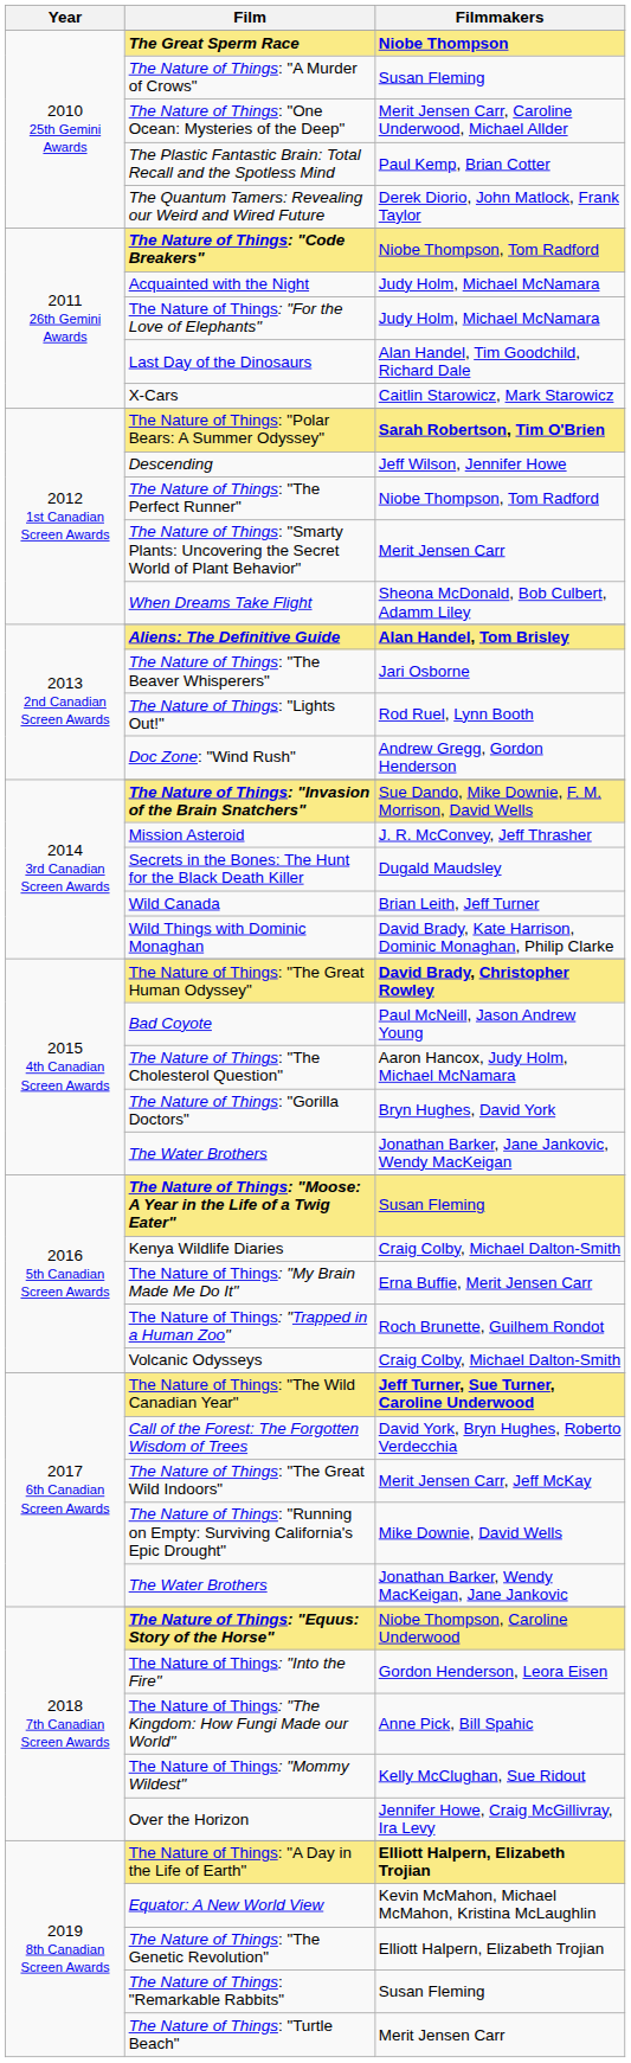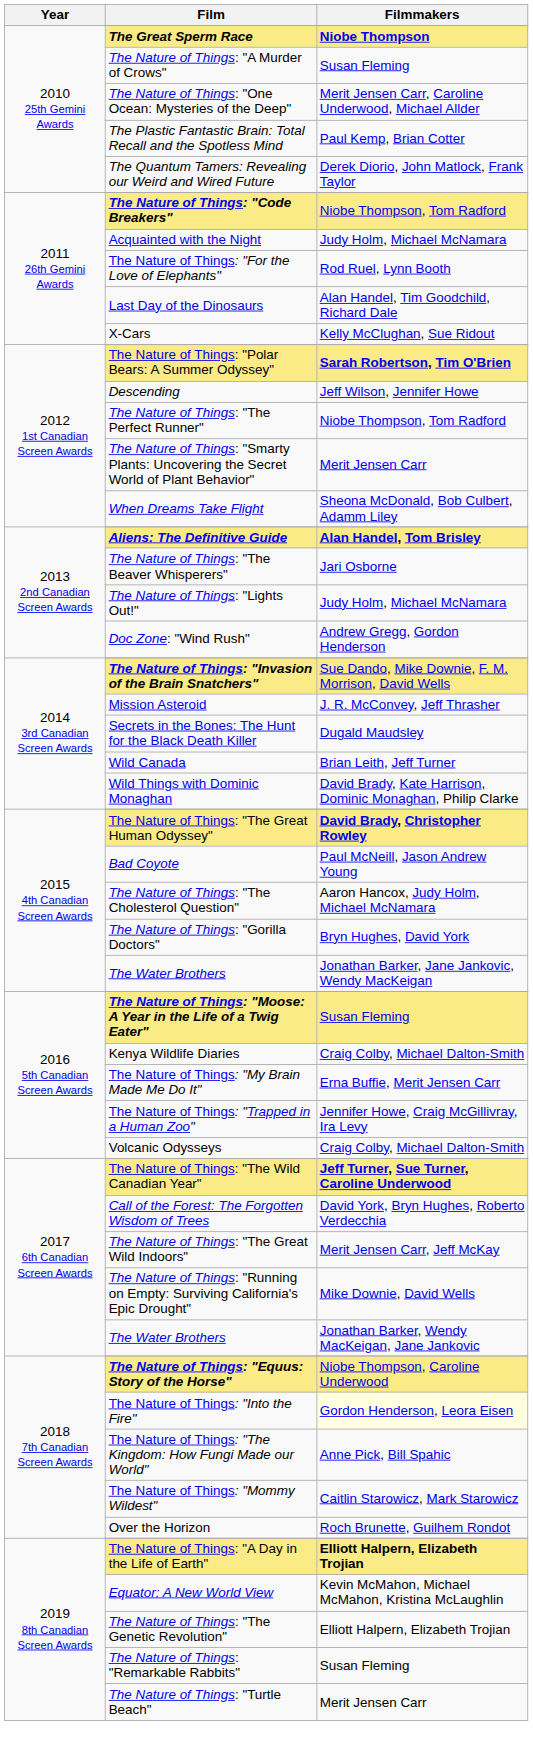 <table class="wikitable" style="width:100%;">
 <tr style="background:#bebebe;">
 <th style="width:8%;">Year</th>
 <th style="width:19%;">Film</th>
 <th style="width:19%;">Filmmakers</th>
 </tr>
 <tr>
 <td rowspan="6" align="center">2010 <br> <small><a href='#'>25th Gemini Awards</a></small></td>
 </tr>
 <tr style="background:#FAEB86;">
 <td><strong><em>The Great Sperm Race</em></strong></td>
 <td><strong><a href='#'>Niobe Thompson</a></strong></td>
 </tr>
 <tr>
 <td><em><a href='#'>The Nature of Things</a></em>: "A Murder of Crows"</td>
 <td><a href='#'>Susan Fleming</a></td>
 </tr>
 <tr>
 <td><em><a href='#'>The Nature of Things</a></em>: "One Ocean: Mysteries of the Deep"</td>
 <td><a href='#'>Merit Jensen Carr</a>, <a href='#'>Caroline Underwood</a>, <a href='#'>Michael Allder</a></td>
 </tr>
 <tr>
 <td><em>The Plastic Fantastic Brain: Total Recall and the Spotless Mind</em></td>
 <td><a href='#'>Paul Kemp</a>, <a href='#'>Brian Cotter</a></td>
 </tr>
 <tr>
 <td><em>The Quantum Tamers: Revealing our Weird and Wired Future</em></td>
 <td><a href='#'>Derek Diorio</a>, <a href='#'>John Matlock</a>, <a href='#'>Frank Taylor</a></td>
 </tr>
 <tr>
 <td rowspan="6" align="center">2011 <br> <small><a href='#'>26th Gemini Awards</a></small></td>
 </tr>
 <tr style="background:#FAEB86;">
 <td><strong><em><a href='#'>The Nature of Things</a><em>: "Code Breakers"<strong></td>
 <td></strong><a href='#'>Niobe Thompson</a>, <a href='#'>Tom Radford</a><strong></td>
 </tr>
 <tr>
 <td></em><a href='#'>Acquainted with the Night</a><em></td>
 <td><a href='#'>Judy Holm</a>, <a href='#'>Michael McNamara</a></td>
 </tr>
 <tr>
 <td></em><a href='#'>The Nature of Things</a><em>: "For the Love of Elephants"</td>
-<td><a href='#'>Judy Holm</a>, <a href='#'>Michael McNamara</a></td>
+<td><a href='#'>Rod Ruel</a>, <a href='#'>Lynn Booth</a></td>
 </tr>
 <tr>
 <td></em><a href='#'>Last Day of the Dinosaurs</a><em></td>
 <td><a href='#'>Alan Handel</a>, <a href='#'>Tim Goodchild</a>, <a href='#'>Richard Dale</a></td>
 </tr>
 <tr>
 <td></em>X-Cars<em></td>
-<td><a href='#'>Caitlin Starowicz</a>, <a href='#'>Mark Starowicz</a></td>
+<td><a href='#'>Kelly McClughan</a>, <a href='#'>Sue Ridout</a></td>
 </tr>
 <tr>
 <td rowspan="6" align="center">2012 <br> <small><a href='#'>1st Canadian Screen Awards</a></small></td>
 </tr>
 <tr style="background:#FAEB86;">
 <td></em></strong><a href='#'>The Nature of Things</a></em>: "Polar Bears: A Summer Odyssey"</strong></td>
 <td><strong><a href='#'>Sarah Robertson</a>, <a href='#'>Tim O'Brien</a></strong></td>
 </tr>
 <tr>
 <td><em>Descending</em></td>
 <td><a href='#'>Jeff Wilson</a>, <a href='#'>Jennifer Howe</a></td>
 </tr>
 <tr>
 <td><em><a href='#'>The Nature of Things</a></em>: "The Perfect Runner"</td>
 <td><a href='#'>Niobe Thompson</a>, <a href='#'>Tom Radford</a></td>
 </tr>
 <tr>
 <td><em><a href='#'>The Nature of Things</a></em>: "Smarty Plants: Uncovering the Secret World of Plant Behavior"</td>
 <td><a href='#'>Merit Jensen Carr</a></td>
 </tr>
 <tr>
 <td><em><a href='#'>When Dreams Take Flight</a></em></td>
 <td><a href='#'>Sheona McDonald</a>, <a href='#'>Bob Culbert</a>, <a href='#'>Adamm Liley</a></td>
 </tr>
 <tr>
 <td rowspan="5" align="center">2013 <br> <small><a href='#'>2nd Canadian Screen Awards</a></small></td>
 </tr>
 <tr style="background:#FAEB86;">
 <td><strong><em><a href='#'>Aliens: The Definitive Guide</a></em></strong></td>
 <td><strong><a href='#'>Alan Handel</a>, <a href='#'>Tom Brisley</a></strong></td>
 </tr>
 <tr>
 <td><em><a href='#'>The Nature of Things</a></em>: "The Beaver Whisperers"</td>
 <td><a href='#'>Jari Osborne</a></td>
 </tr>
 <tr>
 <td><em><a href='#'>The Nature of Things</a></em>: "Lights Out!"</td>
-<td><a href='#'>Rod Ruel</a>, <a href='#'>Lynn Booth</a></td>
+<td><a href='#'>Judy Holm</a>, <a href='#'>Michael McNamara</a></td>
 </tr>
 <tr>
 <td><em><a href='#'>Doc Zone</a></em>: "Wind Rush"</td>
 <td><a href='#'>Andrew Gregg</a>, <a href='#'>Gordon Henderson</a></td>
 </tr>
 <tr>
 <td rowspan="6" align="center">2014 <br> <small><a href='#'>3rd Canadian Screen Awards</a></small></td>
 </tr>
 <tr style="background:#FAEB86;">
 <td><strong><em><a href='#'>The Nature of Things</a><em>: "Invasion of the Brain Snatchers"<strong></td>
 <td></strong><a href='#'>Sue Dando</a>, <a href='#'>Mike Downie</a>, <a href='#'>F. M. Morrison</a>, <a href='#'>David Wells</a><strong></td>
 </tr>
 <tr>
 <td></em><a href='#'>Mission Asteroid</a><em></td>
 <td><a href='#'>J. R. McConvey</a>, <a href='#'>Jeff Thrasher</a></td>
 </tr>
 <tr>
 <td></em><a href='#'>Secrets in the Bones: The Hunt for the Black Death Killer</a><em></td>
 <td><a href='#'>Dugald Maudsley</a></td>
 </tr>
 <tr>
 <td></em><a href='#'>Wild Canada</a><em></td>
 <td><a href='#'>Brian Leith</a>, <a href='#'>Jeff Turner</a></td>
 </tr>
 <tr>
 <td></em><a href='#'>Wild Things with Dominic Monaghan</a><em></td>
 <td><a href='#'>David Brady</a>, <a href='#'>Kate Harrison</a>, <a href='#'>Dominic Monaghan</a>, Philip Clarke</td>
 </tr>
 <tr>
 <td rowspan="6" align="center">2015 <br> <small><a href='#'>4th Canadian Screen Awards</a></small></td>
 </tr>
 <tr style="background:#FAEB86;">
 <td></em></strong><a href='#'>The Nature of Things</a></em>: "The Great Human Odyssey"</strong></td>
 <td><strong><a href='#'>David Brady</a>, <a href='#'>Christopher Rowley</a></strong></td>
 </tr>
 <tr>
 <td><em><a href='#'>Bad Coyote</a></em></td>
 <td><a href='#'>Paul McNeill</a>, <a href='#'>Jason Andrew Young</a></td>
 </tr>
 <tr>
 <td><em><a href='#'>The Nature of Things</a></em>: "The Cholesterol Question"</td>
 <td>Aaron Hancox, <a href='#'>Judy Holm</a>, <a href='#'>Michael McNamara</a></td>
 </tr>
 <tr>
 <td><em><a href='#'>The Nature of Things</a></em>: "Gorilla Doctors"</td>
 <td><a href='#'>Bryn Hughes</a>, <a href='#'>David York</a></td>
 </tr>
 <tr>
 <td><em><a href='#'>The Water Brothers</a></em></td>
 <td><a href='#'>Jonathan Barker</a>, <a href='#'>Jane Jankovic</a>, <a href='#'>Wendy MacKeigan</a></td>
 </tr>
 <tr>
 <td rowspan="6" align="center">2016 <br> <small><a href='#'>5th Canadian Screen Awards</a></small></td>
 </tr>
 <tr style="background:#FAEB86;">
 <td><strong><em><a href='#'>The Nature of Things</a><em>: "Moose: A Year in the Life of a Twig Eater"<strong></td>
 <td></strong><a href='#'>Susan Fleming</a><strong></td>
 </tr>
 <tr>
 <td></em>Kenya Wildlife Diaries<em></td>
 <td><a href='#'>Craig Colby</a>, <a href='#'>Michael Dalton-Smith</a></td>
 </tr>
 <tr>
 <td></em><a href='#'>The Nature of Things</a><em>: "My Brain Made Me Do It"</td>
 <td><a href='#'>Erna Buffie</a>, <a href='#'>Merit Jensen Carr</a></td>
 </tr>
 <tr>
 <td></em><a href='#'>The Nature of Things</a><em>: "<a href='#'>Trapped in a Human Zoo</a>"</td>
-<td><a href='#'>Roch Brunette</a>, <a href='#'>Guilhem Rondot</a></td>
+<td><a href='#'>Jennifer Howe</a>, <a href='#'>Craig McGillivray</a>, <a href='#'>Ira Levy</a></td>
 </tr>
 <tr>
 <td></em>Volcanic Odysseys<em></td>
 <td><a href='#'>Craig Colby</a>, <a href='#'>Michael Dalton-Smith</a></td>
 </tr>
 <tr>
 <td rowspan="6" align="center">2017 <br> <small><a href='#'>6th Canadian Screen Awards</a></small></td>
 </tr>
 <tr style="background:#FAEB86;">
 <td></em></strong><a href='#'>The Nature of Things</a></em>: "The Wild Canadian Year"</strong></td>
 <td><strong><a href='#'>Jeff Turner</a>, <a href='#'>Sue Turner</a>, <a href='#'>Caroline Underwood</a></strong></td>
 </tr>
 <tr>
 <td><em><a href='#'>Call of the Forest: The Forgotten Wisdom of Trees</a></em></td>
 <td><a href='#'>David York</a>, <a href='#'>Bryn Hughes</a>, <a href='#'>Roberto Verdecchia</a></td>
 </tr>
 <tr>
 <td><em><a href='#'>The Nature of Things</a></em>: "The Great Wild Indoors"</td>
 <td><a href='#'>Merit Jensen Carr</a>, <a href='#'>Jeff McKay</a></td>
 </tr>
 <tr>
 <td><em><a href='#'>The Nature of Things</a></em>: "Running on Empty: Surviving California's Epic Drought"</td>
 <td><a href='#'>Mike Downie</a>, <a href='#'>David Wells</a></td>
 </tr>
 <tr>
 <td><em><a href='#'>The Water Brothers</a></em></td>
 <td><a href='#'>Jonathan Barker</a>, <a href='#'>Wendy MacKeigan</a>, <a href='#'>Jane Jankovic</a></td>
 </tr>
 <tr>
 <td rowspan="6" align="center">2018 <br> <small><a href='#'>7th Canadian Screen Awards</a></small></td>
 </tr>
 <tr style="background:#FAEB86;">
 <td><strong><em><a href='#'>The Nature of Things</a><em>: "Equus: Story of the Horse"<strong></td>
 <td></strong><a href='#'>Niobe Thompson</a>, <a href='#'>Caroline Underwood</a><strong></td>
 </tr>
 <tr>
 <td></em><a href='#'>The Nature of Things</a><em>: "Into the Fire"</td>
-<td><a href='#'>Gordon Henderson</a>, <a href='#'>Leora Eisen</a></td>
+<td style="background: lightyellow;"><a href='#'>Gordon Henderson</a>, <a href='#'>Leora Eisen</a></td>
 </tr>
 <tr>
 <td></em><a href='#'>The Nature of Things</a><em>: "The Kingdom: How Fungi Made our World"</td>
 <td><a href='#'>Anne Pick</a>, <a href='#'>Bill Spahic</a></td>
 </tr>
 <tr>
 <td></em><a href='#'>The Nature of Things</a><em>: "Mommy Wildest"</td>
-<td><a href='#'>Kelly McClughan</a>, <a href='#'>Sue Ridout</a></td>
+<td><a href='#'>Caitlin Starowicz</a>, <a href='#'>Mark Starowicz</a></td>
 </tr>
 <tr>
 <td></em>Over the Horizon<em></td>
-<td><a href='#'>Jennifer Howe</a>, <a href='#'>Craig McGillivray</a>, <a href='#'>Ira Levy</a></td>
+<td><a href='#'>Roch Brunette</a>, <a href='#'>Guilhem Rondot</a></td>
 </tr>
 <tr>
 <td rowspan="6" align="center">2019 <br> <small><a href='#'>8th Canadian Screen Awards</a></small></td>
 </tr>
 <tr style="background:#FAEB86;">
 <td></em></strong><a href='#'>The Nature of Things</a></em>: "A Day in the Life of Earth"</strong></td>
 <td><strong>Elliott Halpern, Elizabeth Trojian</strong></td>
 </tr>
 <tr>
 <td><em><a href='#'>Equator: A New World View</a></em></td>
 <td>Kevin McMahon, Michael McMahon, Kristina McLaughlin</td>
 </tr>
 <tr>
 <td><em><a href='#'>The Nature of Things</a></em>: "The Genetic Revolution"</td>
 <td>Elliott Halpern, Elizabeth Trojian</td>
 </tr>
 <tr>
 <td><em><a href='#'>The Nature of Things</a></em>: "Remarkable Rabbits"</td>
 <td>Susan Fleming</td>
 </tr>
 <tr>
 <td><em><a href='#'>The Nature of Things</a></em>: "Turtle Beach"</td>
 <td>Merit Jensen Carr</td>
 </tr>
 </table>
